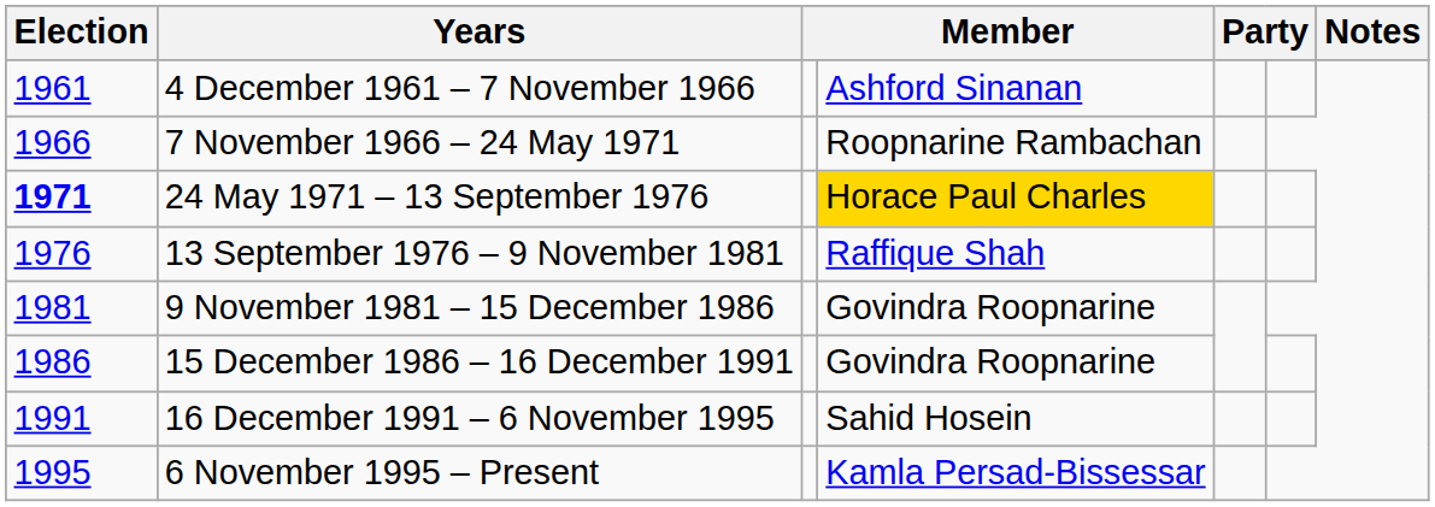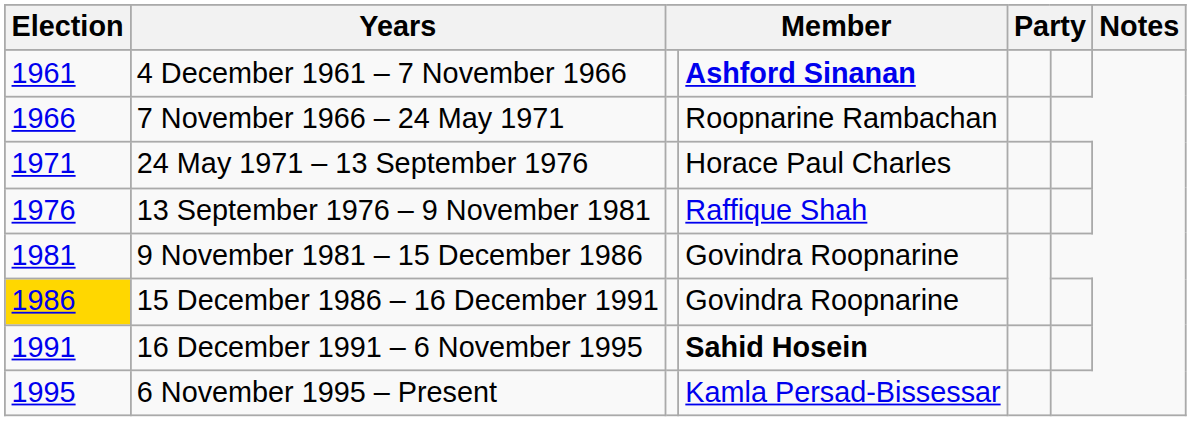 <table class="wikitable sortable">
 <tr>
 <th>Election</th>
 <th>Years</th>
 <th colspan="2">Member</th>
 <th colspan="2">Party</th>
 <th>Notes</th>
 </tr>
 <tr>
 <td><a href='#'>1961</a></td>
 <td>4 December 1961 – 7 November 1966</td>
 <td></td>
-<td><a href='#'>Ashford Sinanan</a></td>
+<td><strong><a href='#'>Ashford Sinanan</a></strong></td>
 <td></td>
 <td></td>
 </tr>
 <tr>
 <td><a href='#'>1966</a></td>
 <td>7 November 1966 – 24 May 1971</td>
 <td></td>
 <td>Roopnarine Rambachan</td>
 <td></td>
 </tr>
 <tr>
-<td><strong><a href='#'>1971</a></strong></td>
+<td><a href='#'>1971</a></td>
 <td>24 May 1971 – 13 September 1976</td>
 <td></td>
-<td style="background: gold;">Horace Paul Charles</td>
+<td>Horace Paul Charles</td>
 <td></td>
 <td></td>
 </tr>
 <tr>
 <td><a href='#'>1976</a></td>
 <td>13 September 1976 – 9 November 1981</td>
 <td></td>
 <td><a href='#'>Raffique Shah</a></td>
 <td></td>
 <td></td>
 </tr>
 <tr>
 <td><a href='#'>1981</a></td>
 <td>9 November 1981 – 15 December 1986</td>
 <td></td>
 <td>Govindra Roopnarine</td>
 <td rowspan="2"></td>
 </tr>
 <tr>
-<td><a href='#'>1986</a></td>
+<td style="background: gold;"><a href='#'>1986</a></td>
 <td>15 December 1986 – 16 December 1991</td>
 <td></td>
 <td>Govindra Roopnarine</td>
 <td></td>
 </tr>
 <tr>
 <td><a href='#'>1991</a></td>
 <td>16 December 1991 – 6 November 1995</td>
 <td></td>
-<td>Sahid Hosein</td>
+<td><strong>Sahid Hosein</strong></td>
 <td></td>
 <td></td>
 </tr>
 <tr>
 <td><a href='#'>1995</a></td>
 <td>6 November 1995 – Present</td>
 <td></td>
 <td><a href='#'>Kamla Persad-Bissessar</a></td>
 <td></td>
 </tr>
 </table>
